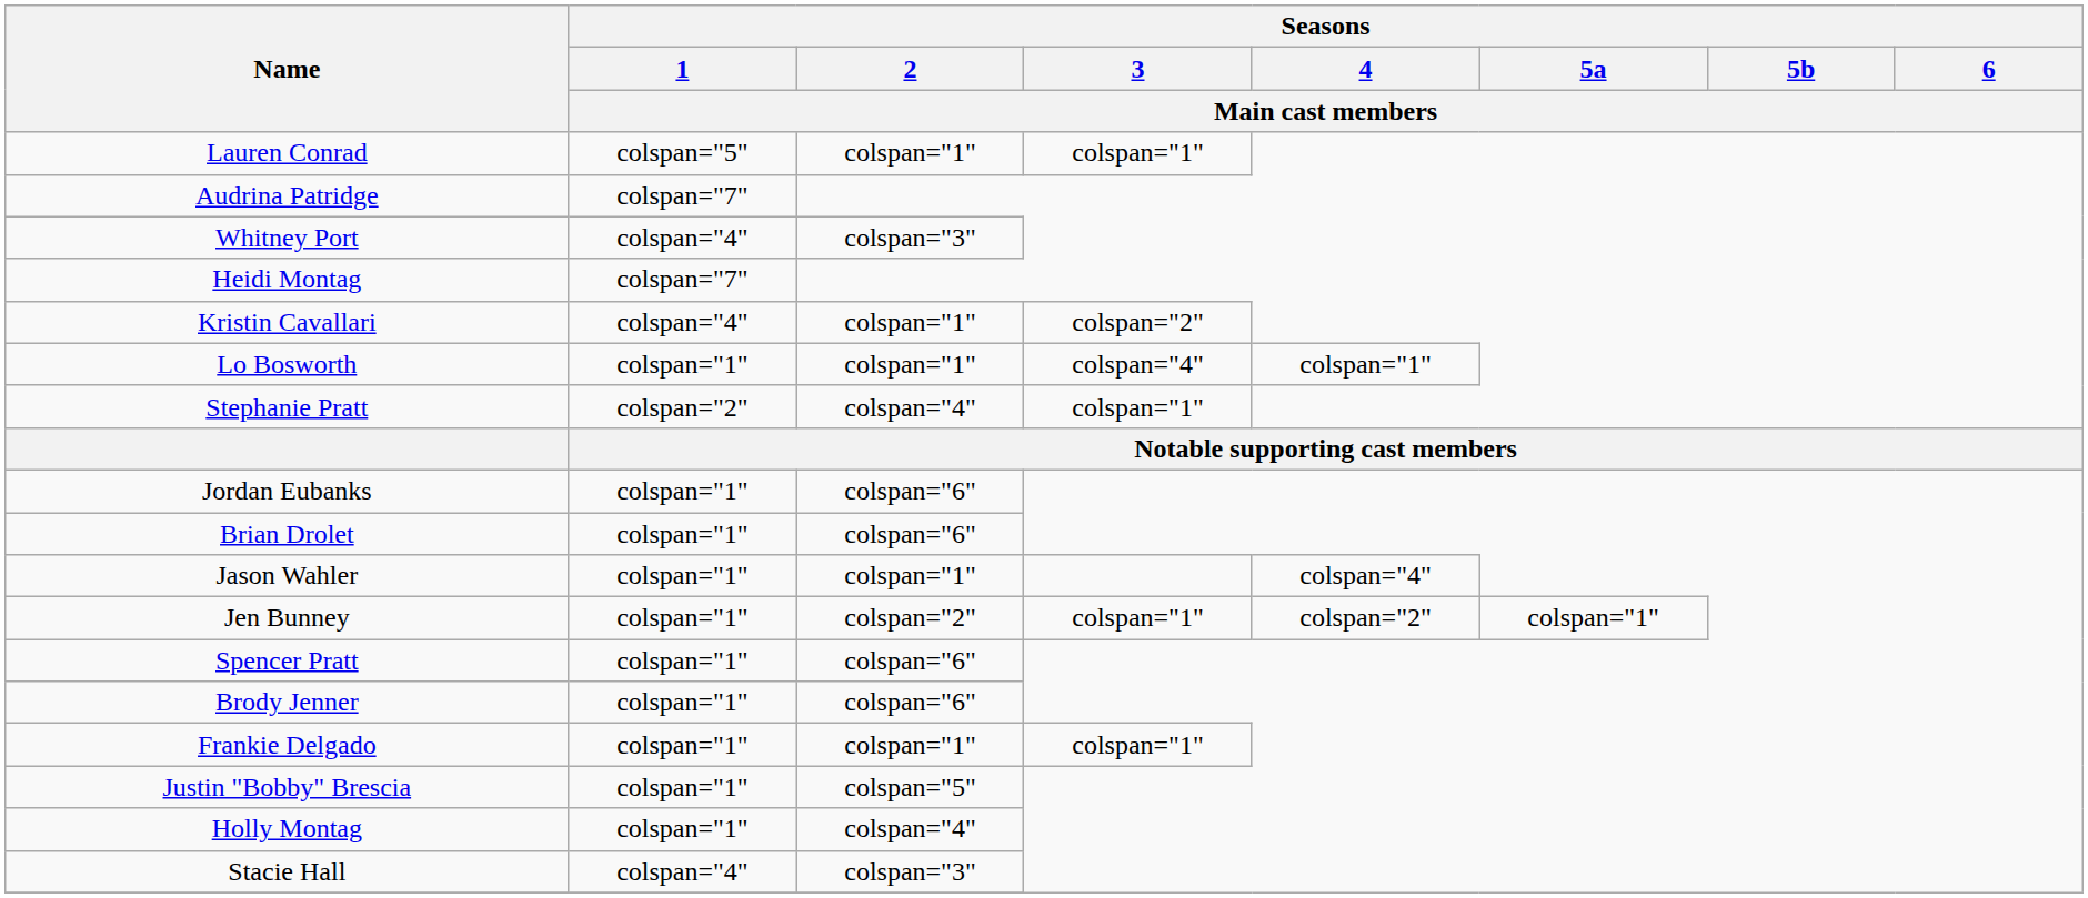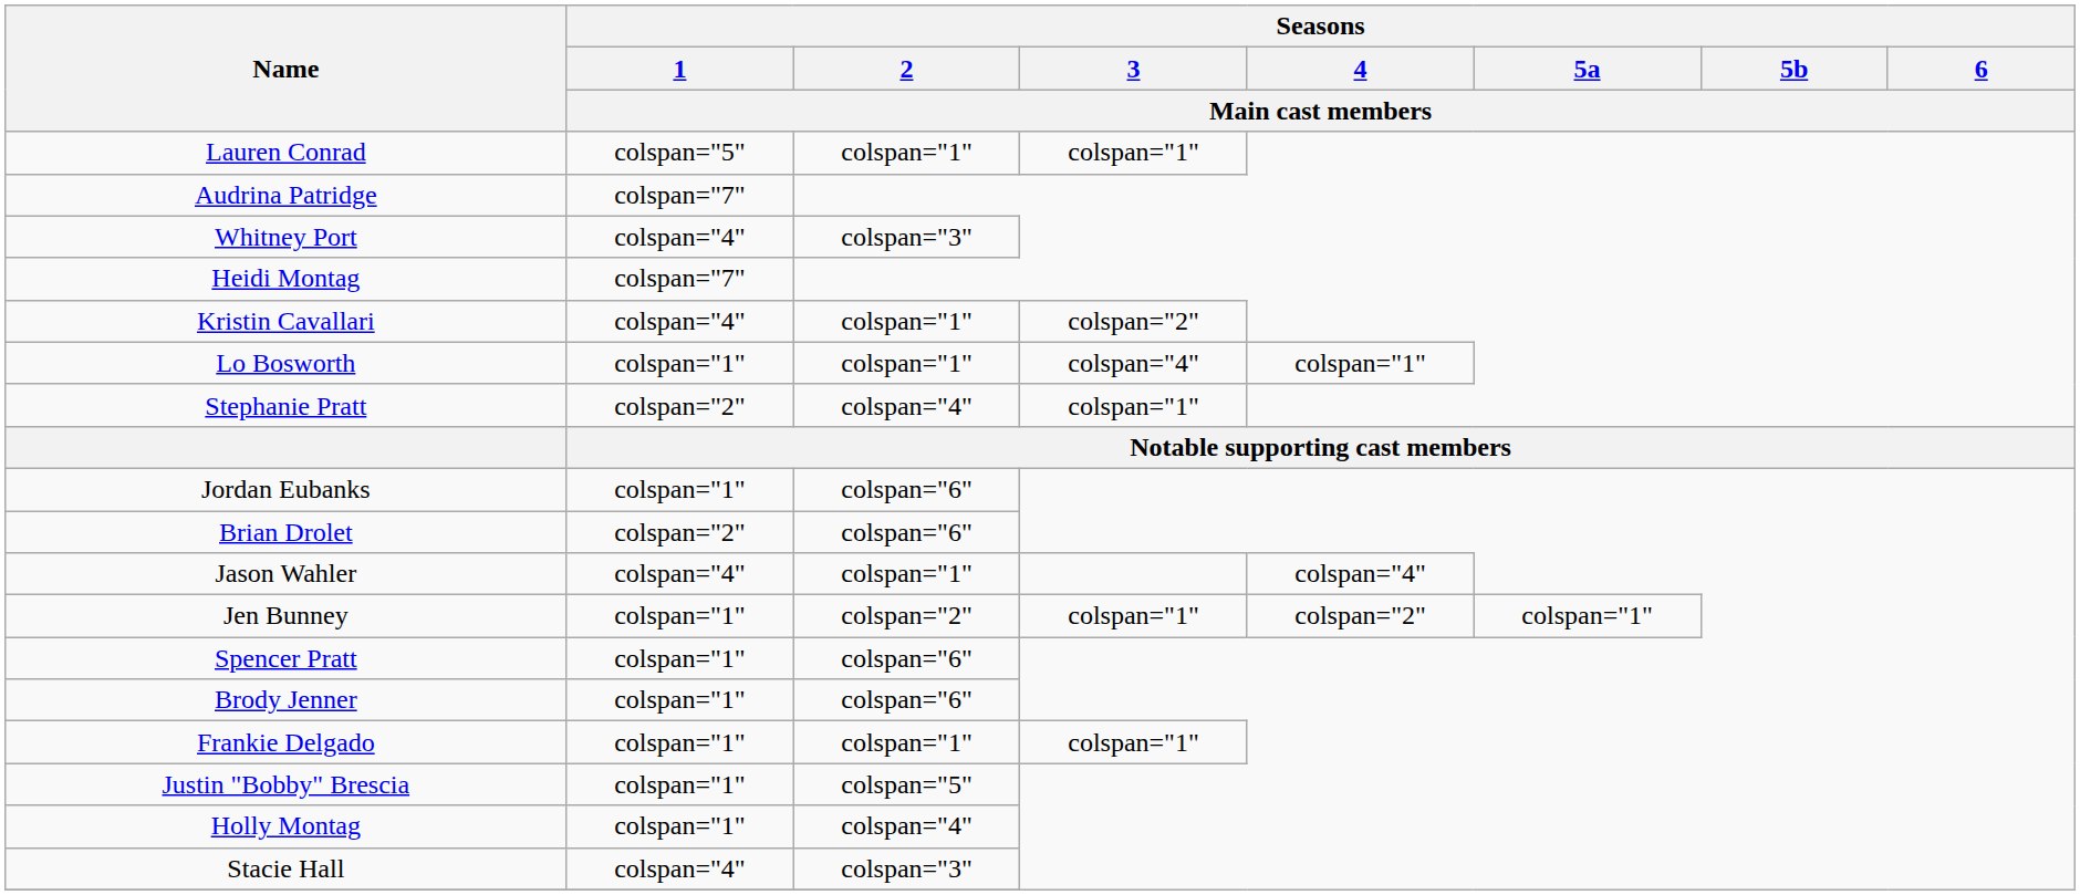 <table class="wikitable plainrowheaders" style="text-align:center">
 <tr>
 <th scope="col" rowspan="3" style="width:15%;">Name</th>
 <th scope="col" colspan="7">Seasons</th>
 </tr>
 <tr>
 <th scope="col" style="width:5%;"><a href='#'>1</a></th>
 <th scope="col" style="width:5%;"><a href='#'>2</a></th>
 <th scope="col" style="width:5%;"><a href='#'>3</a></th>
 <th scope="col" style="width:5%;"><a href='#'>4</a></th>
 <th scope="col" style="width:5%;"><a href='#'>5a</a></th>
 <th scope="col" style="width:5%;"><a href='#'>5b</a></th>
 <th scope="col" style="width:5%;"><a href='#'>6</a></th>
 </tr>
 <tr>
 <th scope="col" colspan="7">Main cast members</th>
 </tr>
 <tr>
 <td scope="row"><a href='#'>Lauren Conrad</a></td>
 <td>colspan="5" </td>
 <td>colspan="1" </td>
 <td>colspan="1" </td>
 </tr>
 <tr>
 <td scope="row"><a href='#'>Audrina Patridge</a></td>
 <td>colspan="7" </td>
 </tr>
 <tr>
 <td scope="row"><a href='#'>Whitney Port</a></td>
 <td>colspan="4" </td>
 <td>colspan="3" </td>
 </tr>
 <tr>
 <td scope="row"><a href='#'>Heidi Montag</a></td>
 <td>colspan="7" </td>
 </tr>
 <tr>
 <td scope="row"><a href='#'>Kristin Cavallari</a></td>
 <td>colspan="4" </td>
 <td>colspan="1" </td>
 <td>colspan="2" </td>
 </tr>
 <tr>
 <td scope="row"><a href='#'>Lo Bosworth</a></td>
 <td>colspan="1" </td>
 <td>colspan="1" </td>
 <td>colspan="4" </td>
 <td>colspan="1" </td>
 </tr>
 <tr>
 <td scope="row"><a href='#'>Stephanie Pratt</a></td>
 <td>colspan="2" </td>
 <td>colspan="4" </td>
 <td>colspan="1" </td>
 </tr>
 <tr>
 <th></th>
 <th colspan="7" style="width:42%;">Notable supporting cast members</th>
 </tr>
 <tr>
 <td scope="row">Jordan Eubanks</td>
 <td>colspan="1" </td>
 <td>colspan="6" </td>
 </tr>
 <tr>
 <td scope="row"><a href='#'>Brian Drolet</a></td>
-<td>colspan="1" </td>
+<td>colspan="2" </td>
 <td>colspan="6" </td>
 </tr>
 <tr>
 <td scope="row">Jason Wahler</td>
-<td>colspan="1" </td>
+<td>colspan="4" </td>
 <td>colspan="1" </td>
 <td></td>
 <td>colspan="4" </td>
 </tr>
 <tr>
 <td scope="row">Jen Bunney</td>
 <td>colspan="1" </td>
 <td>colspan="2" </td>
 <td>colspan="1" </td>
 <td>colspan="2" </td>
 <td>colspan="1" </td>
 </tr>
 <tr>
 <td scope="row"><a href='#'>Spencer Pratt</a></td>
 <td>colspan="1" </td>
 <td>colspan="6" </td>
 </tr>
 <tr>
 <td scope="row"><a href='#'>Brody Jenner</a></td>
 <td>colspan="1" </td>
 <td>colspan="6" </td>
 </tr>
 <tr>
 <td scope="row"><a href='#'>Frankie Delgado</a></td>
 <td>colspan="1" </td>
 <td>colspan="1" </td>
 <td>colspan="1" </td>
 </tr>
 <tr>
 <td nowrap><a href='#'>Justin "Bobby" Brescia</a></td>
 <td>colspan="1" </td>
 <td>colspan="5" </td>
 </tr>
 <tr>
 <td scope="row"><a href='#'>Holly Montag</a></td>
 <td>colspan="1" </td>
 <td>colspan="4" </td>
 </tr>
 <tr>
 <td scope="row">Stacie Hall</td>
 <td>colspan="4" </td>
 <td>colspan="3" </td>
 </tr>
 <tr>
 </tr>
 </table>
